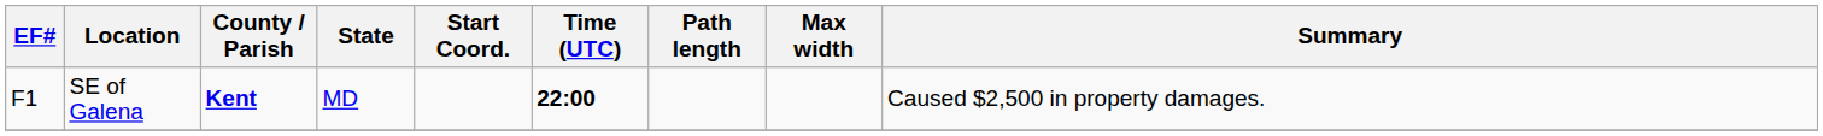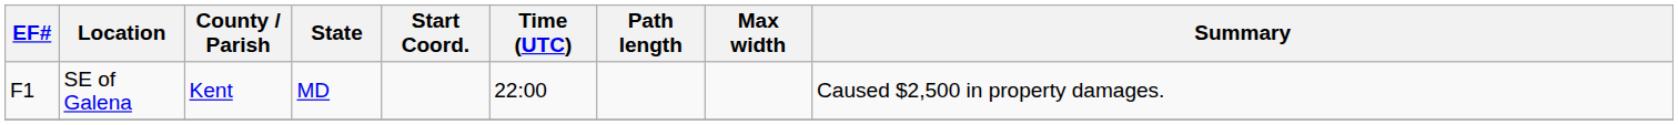 <table class="wikitable sortable" style="width:100%;">
 <tr>
 <th scope="col"  style="width:3%; text-align:center;"><a href='#'>EF#</a></th>
 <th scope="col"  style="width:7%; text-align:center;" class="unsortable">Location</th>
 <th scope="col"  style="width:6%; text-align:center;" class="unsortable">County / Parish</th>
 <th scope="col"  style="width:5%; text-align:center;">State</th>
 <th scope="col"  style="width:6%; text-align:center;">Start Coord.</th>
 <th scope="col"  style="width:6%; text-align:center;">Time (<a href='#'>UTC</a>)</th>
 <th scope="col"  style="width:6%; text-align:center;">Path length</th>
 <th scope="col"  style="width:6%; text-align:center;">Max width</th>
 <th scope="col" class="unsortable" style="width:48%; text-align:center;">Summary</th>
 </tr>
 <tr>
 <td bgcolor=>F1</td>
 <td>SE of <a href='#'>Galena</a></td>
-<td><strong><a href='#'>Kent</a></strong></td>
+<td><a href='#'>Kent</a></td>
 <td><a href='#'>MD</a></td>
 <td></td>
-<td><strong>22:00</strong></td>
+<td>22:00</td>
 <td></td>
 <td></td>
 <td>Caused $2,500 in property damages.</td>
 </tr>
 <tr>
 </tr>
 </table>
